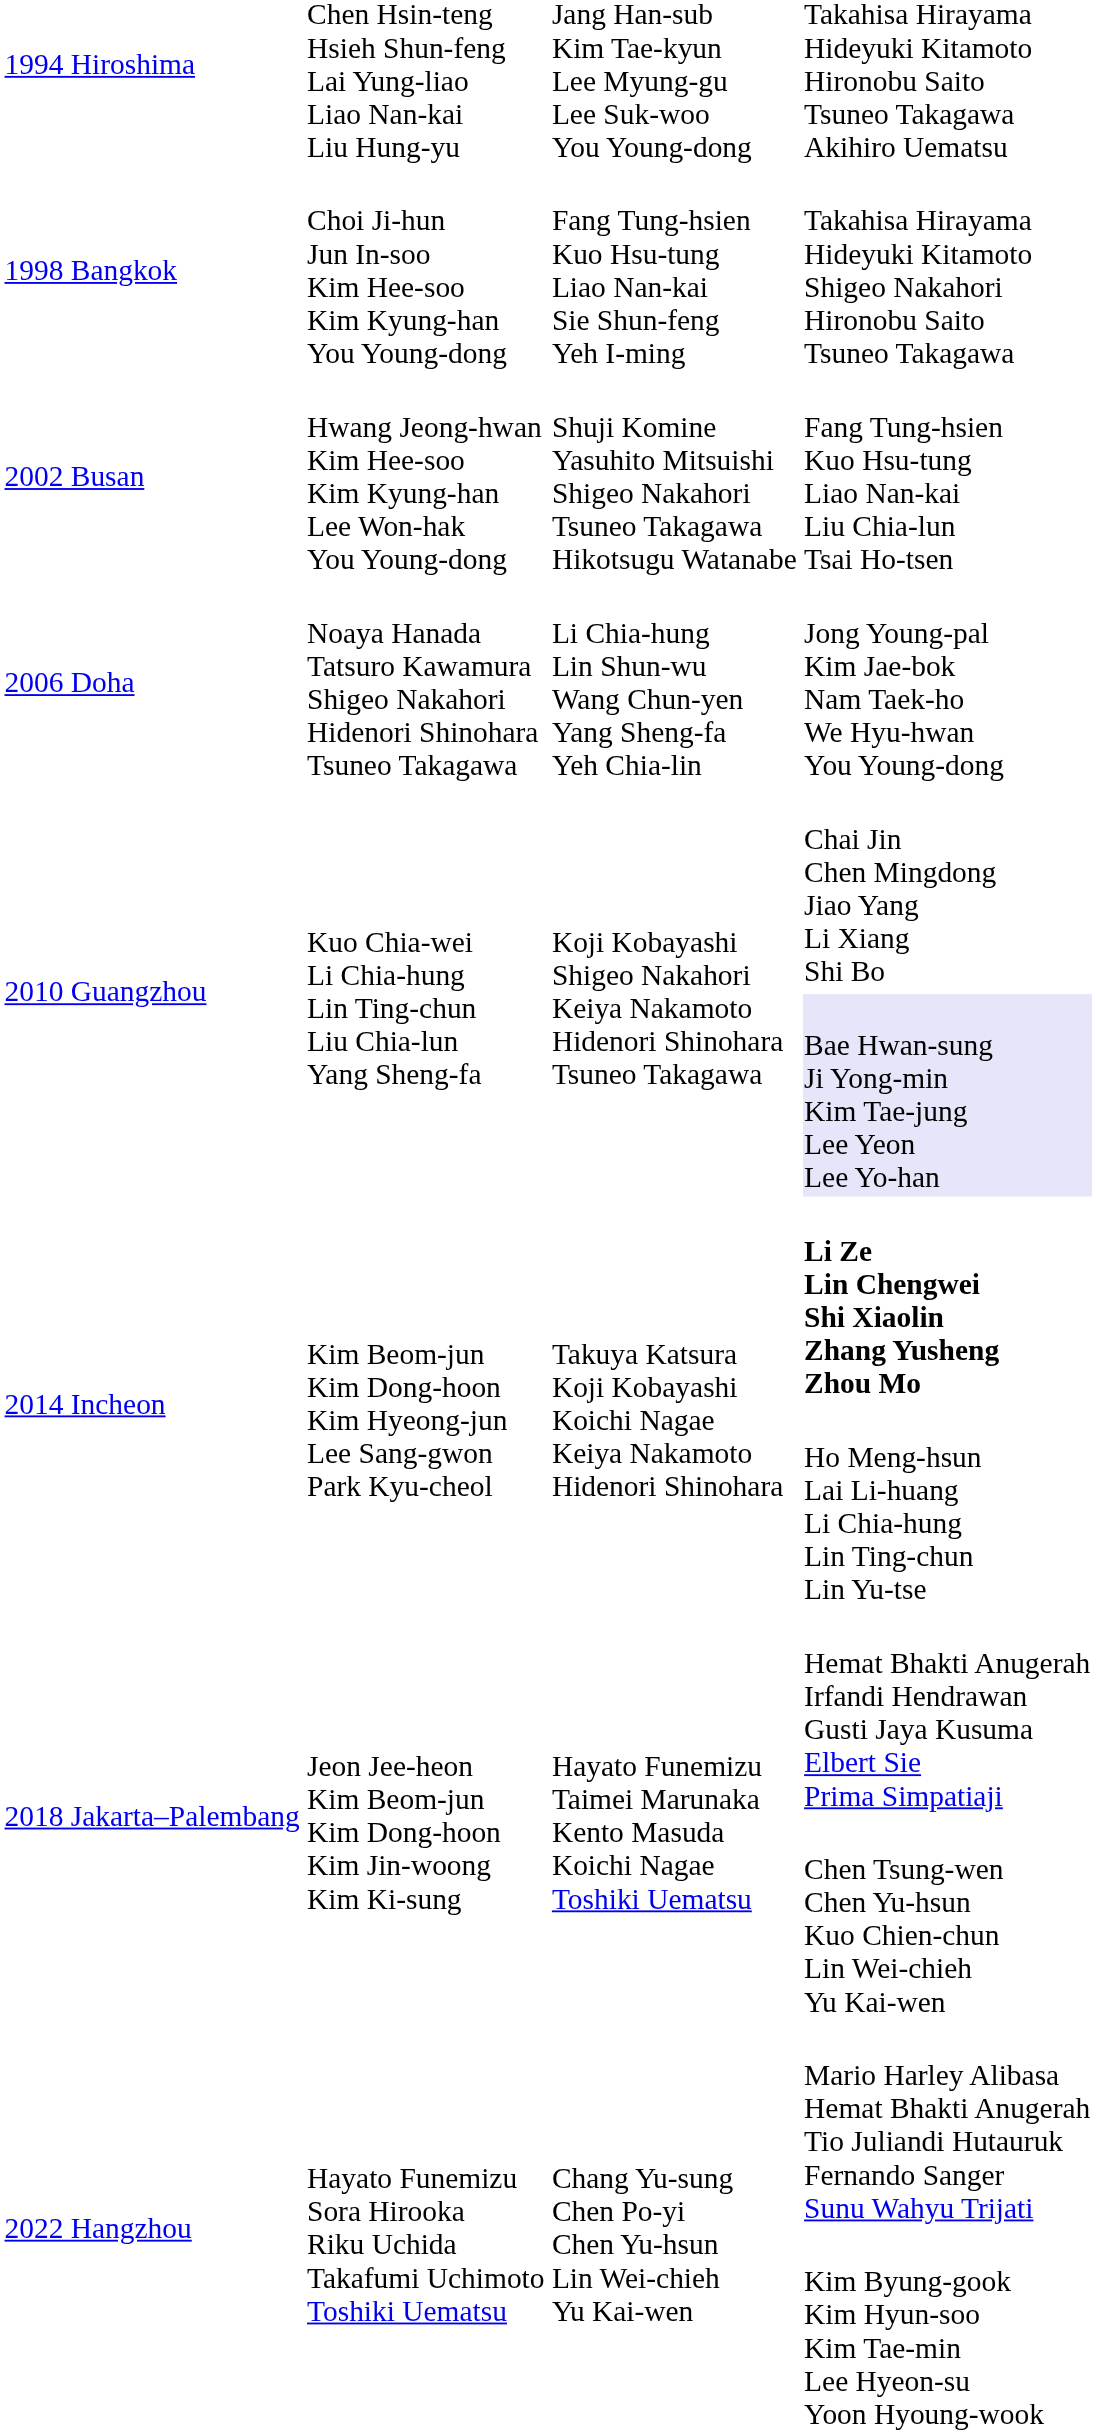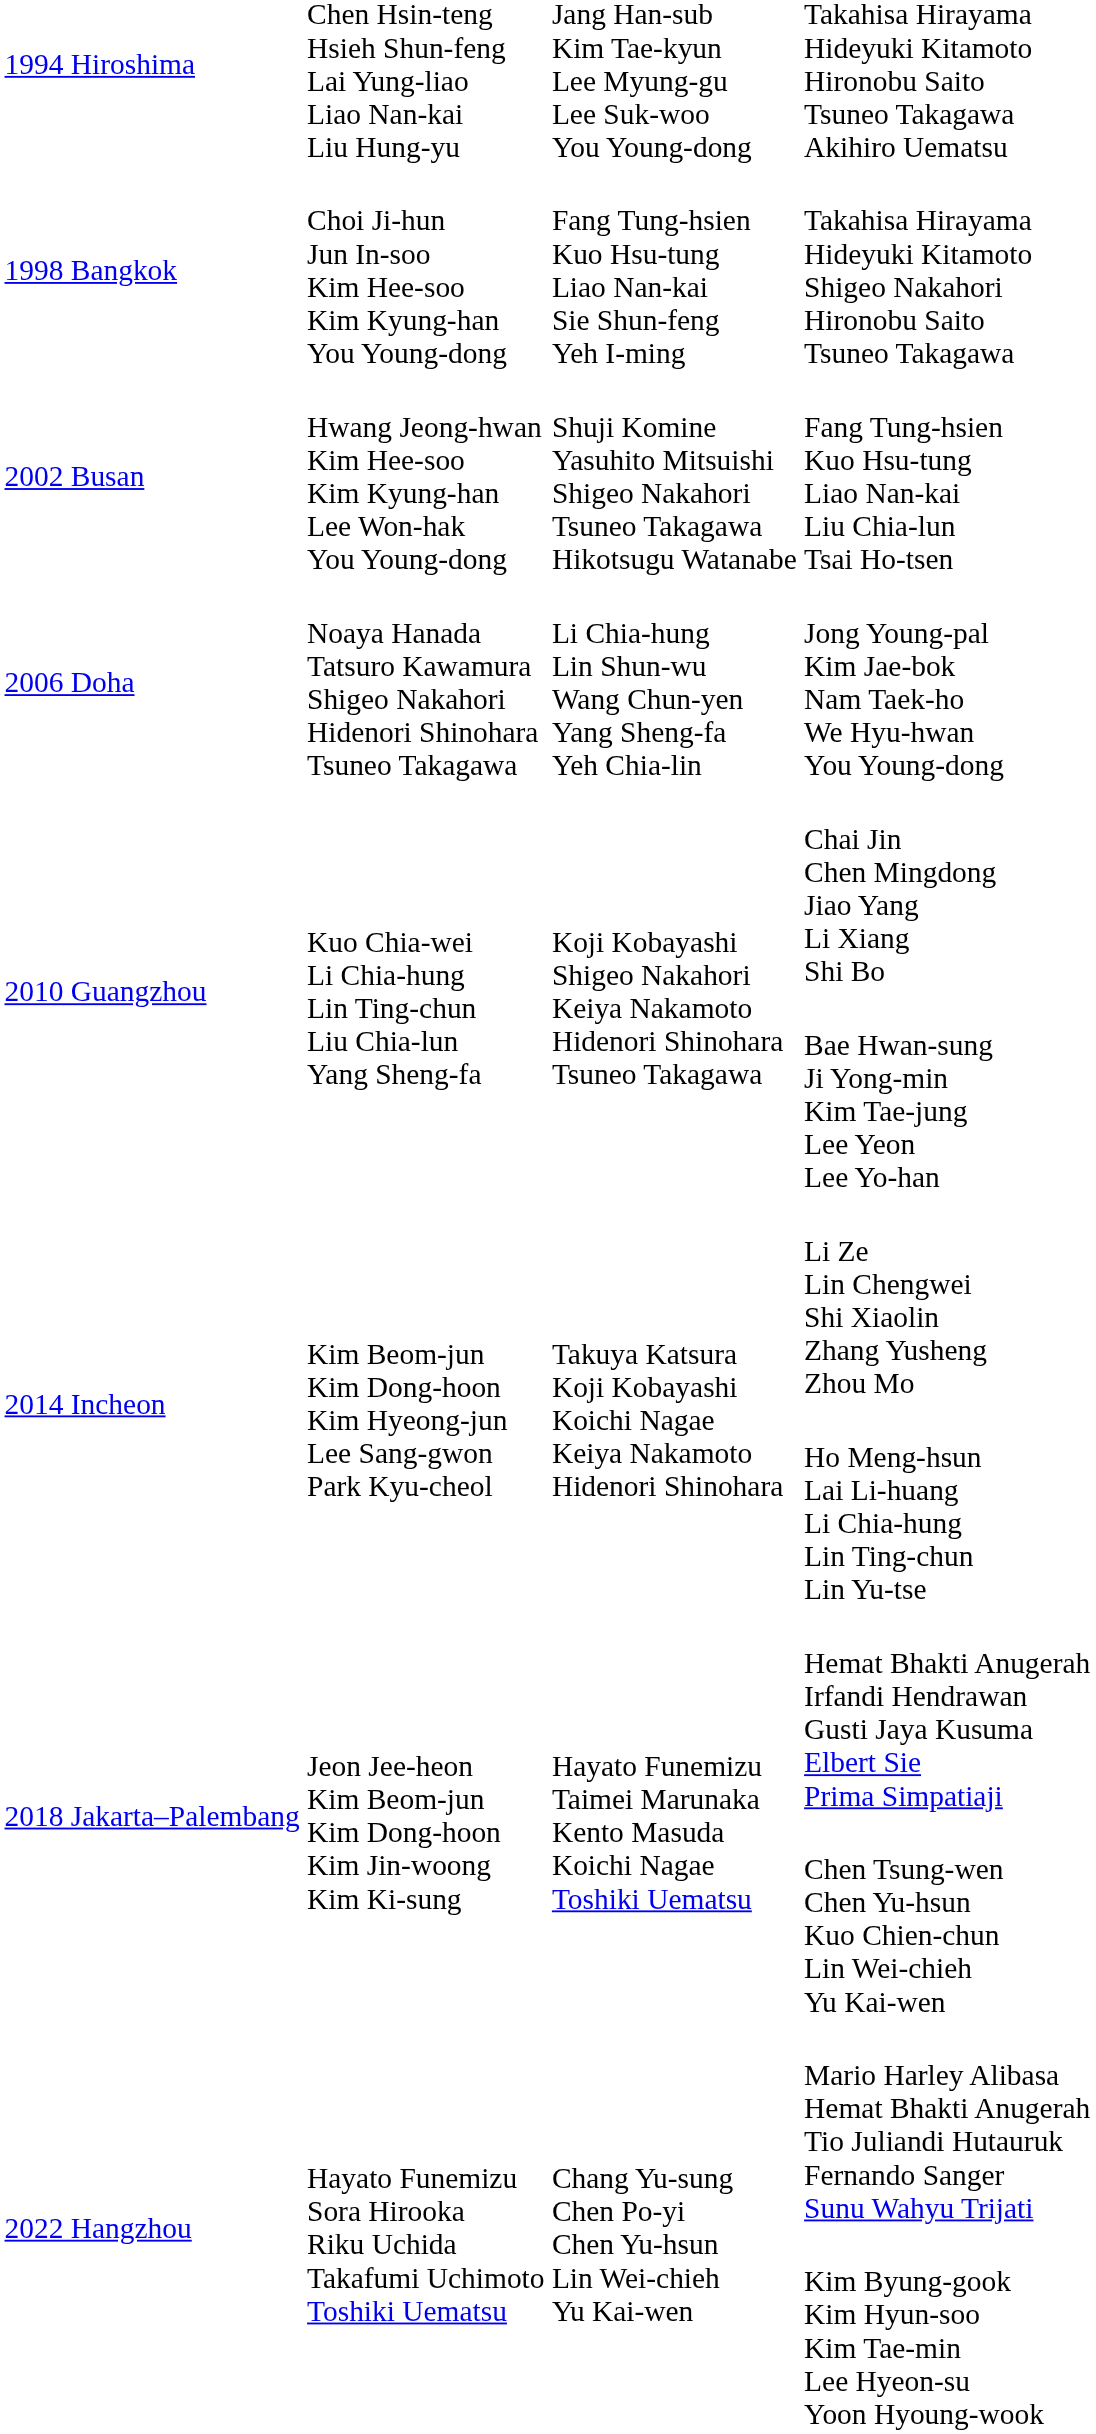 <table>
 <tr>
 <td><a href='#'>1994 Hiroshima</a></td>
 <td><br>Chen Hsin-teng<br>Hsieh Shun-feng<br>Lai Yung-liao<br>Liao Nan-kai<br>Liu Hung-yu</td>
 <td><br>Jang Han-sub<br>Kim Tae-kyun<br>Lee Myung-gu<br>Lee Suk-woo<br>You Young-dong</td>
 <td><br>Takahisa Hirayama<br>Hideyuki Kitamoto<br>Hironobu Saito<br>Tsuneo Takagawa<br>Akihiro Uematsu</td>
 </tr>
 <tr>
 <td><a href='#'>1998 Bangkok</a></td>
 <td><br>Choi Ji-hun<br>Jun In-soo<br>Kim Hee-soo<br>Kim Kyung-han<br>You Young-dong</td>
 <td><br>Fang Tung-hsien<br>Kuo Hsu-tung<br>Liao Nan-kai<br>Sie Shun-feng<br>Yeh I-ming</td>
 <td><br>Takahisa Hirayama<br>Hideyuki Kitamoto<br>Shigeo Nakahori<br>Hironobu Saito<br>Tsuneo Takagawa</td>
 </tr>
 <tr>
 <td><a href='#'>2002 Busan</a></td>
 <td><br>Hwang Jeong-hwan<br>Kim Hee-soo<br>Kim Kyung-han<br>Lee Won-hak<br>You Young-dong</td>
 <td><br>Shuji Komine<br>Yasuhito Mitsuishi<br>Shigeo Nakahori<br>Tsuneo Takagawa<br>Hikotsugu Watanabe</td>
 <td><br>Fang Tung-hsien<br>Kuo Hsu-tung<br>Liao Nan-kai<br>Liu Chia-lun<br>Tsai Ho-tsen</td>
 </tr>
 <tr>
 <td><a href='#'>2006 Doha</a></td>
 <td><br>Noaya Hanada<br>Tatsuro Kawamura<br>Shigeo Nakahori<br>Hidenori Shinohara<br>Tsuneo Takagawa</td>
 <td><br>Li Chia-hung<br>Lin Shun-wu<br>Wang Chun-yen<br>Yang Sheng-fa<br>Yeh Chia-lin</td>
 <td><br>Jong Young-pal<br>Kim Jae-bok<br>Nam Taek-ho<br>We Hyu-hwan<br>You Young-dong</td>
 </tr>
 <tr>
 <td rowspan=2><a href='#'>2010 Guangzhou</a></td>
 <td rowspan=2><br>Kuo Chia-wei<br>Li Chia-hung<br>Lin Ting-chun<br>Liu Chia-lun<br>Yang Sheng-fa</td>
 <td rowspan=2><br>Koji Kobayashi<br>Shigeo Nakahori<br>Keiya Nakamoto<br>Hidenori Shinohara<br>Tsuneo Takagawa</td>
 <td><br>Chai Jin<br>Chen Mingdong<br>Jiao Yang<br>Li Xiang<br>Shi Bo</td>
 </tr>
 <tr>
-<td style="background: lavender;"><br>Bae Hwan-sung<br>Ji Yong-min<br>Kim Tae-jung<br>Lee Yeon<br>Lee Yo-han</td>
+<td><br>Bae Hwan-sung<br>Ji Yong-min<br>Kim Tae-jung<br>Lee Yeon<br>Lee Yo-han</td>
 </tr>
 <tr>
 <td rowspan=2><a href='#'>2014 Incheon</a></td>
 <td rowspan=2><br>Kim Beom-jun<br>Kim Dong-hoon<br>Kim Hyeong-jun<br>Lee Sang-gwon<br>Park Kyu-cheol</td>
 <td rowspan=2><br>Takuya Katsura<br>Koji Kobayashi<br>Koichi Nagae<br>Keiya Nakamoto<br>Hidenori Shinohara</td>
-<td><strong><br>Li Ze<br>Lin Chengwei<br>Shi Xiaolin<br>Zhang Yusheng<br>Zhou Mo</strong></td>
+<td><br>Li Ze<br>Lin Chengwei<br>Shi Xiaolin<br>Zhang Yusheng<br>Zhou Mo</td>
 </tr>
 <tr>
 <td><br>Ho Meng-hsun<br>Lai Li-huang<br>Li Chia-hung<br>Lin Ting-chun<br>Lin Yu-tse</td>
 </tr>
 <tr>
 <td rowspan=2><a href='#'>2018 Jakarta–Palembang</a></td>
 <td rowspan=2><br>Jeon Jee-heon<br>Kim Beom-jun<br>Kim Dong-hoon<br>Kim Jin-woong<br>Kim Ki-sung</td>
 <td rowspan=2><br>Hayato Funemizu<br>Taimei Marunaka<br>Kento Masuda<br>Koichi Nagae<br><a href='#'>Toshiki Uematsu</a></td>
 <td><br>Hemat Bhakti Anugerah<br>Irfandi Hendrawan<br>Gusti Jaya Kusuma<br><a href='#'>Elbert Sie</a><br><a href='#'>Prima Simpatiaji</a></td>
 </tr>
 <tr>
 <td><br>Chen Tsung-wen<br>Chen Yu-hsun<br>Kuo Chien-chun<br>Lin Wei-chieh<br>Yu Kai-wen</td>
 </tr>
 <tr>
 <td rowspan=2><a href='#'>2022 Hangzhou</a></td>
 <td rowspan=2><br>Hayato Funemizu<br>Sora Hirooka<br>Riku Uchida<br>Takafumi Uchimoto<br><a href='#'>Toshiki Uematsu</a></td>
 <td rowspan=2><br>Chang Yu-sung<br>Chen Po-yi<br>Chen Yu-hsun<br>Lin Wei-chieh<br>Yu Kai-wen</td>
 <td><br>Mario Harley Alibasa<br>Hemat Bhakti Anugerah<br>Tio Juliandi Hutauruk<br>Fernando Sanger<br><a href='#'>Sunu Wahyu Trijati</a></td>
 </tr>
 <tr>
 <td><br>Kim Byung-gook<br>Kim Hyun-soo<br>Kim Tae-min<br>Lee Hyeon-su<br>Yoon Hyoung-wook</td>
 </tr>
 </table>
